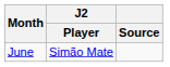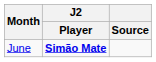 <table class="wikitable">
 <tr>
 <th rowspan="2">Month</th>
 <th>J2</th>
 <th></th>
 </tr>
 <tr>
 <th>Player</th>
 <th>Source</th>
 </tr>
 <tr>
 <td><a href='#'>June</a></td>
-<td> <a href='#'>Simão Mate</a></td>
+<td><strong> <a href='#'>Simão Mate</a></strong></td>
 <td></td>
 </tr>
 </table>
